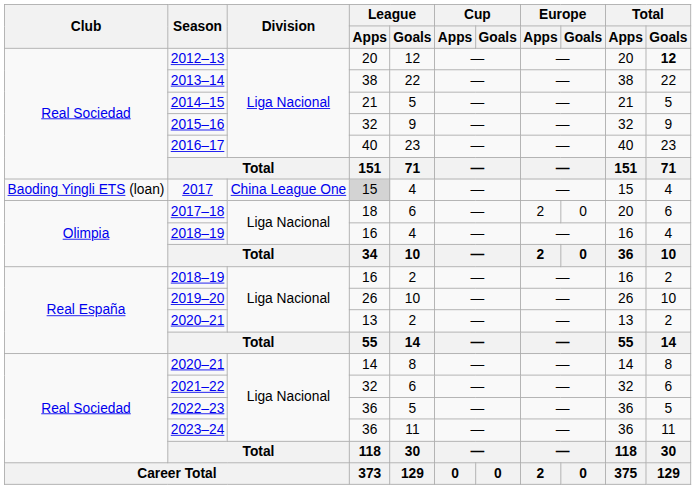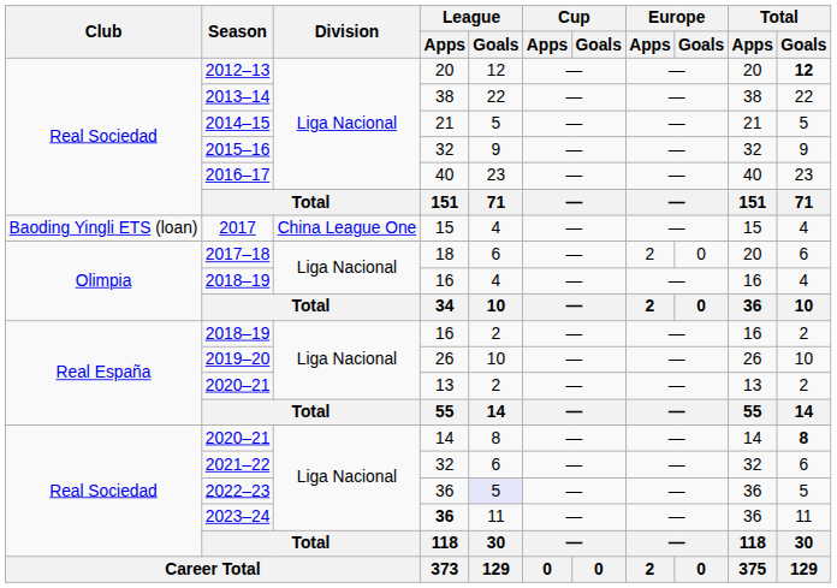 <table class="wikitable" style="text-align: center;">
 <tr>
 <th rowspan="2">Club</th>
 <th rowspan="2">Season</th>
 <th rowspan="2">Division</th>
 <th colspan="2">League</th>
 <th colspan="2">Cup</th>
 <th colspan="2">Europe</th>
 <th colspan="2">Total</th>
 </tr>
 <tr>
 <th>Apps</th>
 <th>Goals</th>
 <th>Apps</th>
 <th>Goals</th>
 <th>Apps</th>
 <th>Goals</th>
 <th>Apps</th>
 <th>Goals</th>
 </tr>
 <tr>
 <td rowspan="6"><a href='#'>Real Sociedad</a></td>
 <td><a href='#'>2012–13</a></td>
 <td rowspan="5"><a href='#'>Liga Nacional</a></td>
 <td>20</td>
 <td>12</td>
 <td colspan="2">—</td>
 <td colspan="2">—</td>
 <td>20</td>
 <td><strong>12</strong></td>
 </tr>
 <tr>
 <td><a href='#'>2013–14</a></td>
 <td>38</td>
 <td>22</td>
 <td colspan="2">—</td>
 <td colspan="2">—</td>
 <td>38</td>
 <td>22</td>
 </tr>
 <tr>
 <td><a href='#'>2014–15</a></td>
 <td>21</td>
 <td>5</td>
 <td colspan="2">—</td>
 <td colspan="2">—</td>
 <td>21</td>
 <td>5</td>
 </tr>
 <tr>
 <td><a href='#'>2015–16</a></td>
 <td>32</td>
 <td>9</td>
 <td colspan="2">—</td>
 <td colspan="2">—</td>
 <td>32</td>
 <td>9</td>
 </tr>
 <tr>
 <td><a href='#'>2016–17</a></td>
 <td>40</td>
 <td>23</td>
 <td colspan="2">—</td>
 <td colspan="2">—</td>
 <td>40</td>
 <td>23</td>
 </tr>
 <tr>
 <th colspan="2">Total</th>
 <th>151</th>
 <th>71</th>
 <th colspan="2">—</th>
 <th colspan="2">—</th>
 <th>151</th>
 <th>71</th>
 </tr>
 <tr>
 <td><a href='#'>Baoding Yingli ETS</a> (loan)</td>
 <td><a href='#'>2017</a></td>
 <td><a href='#'>China League One</a></td>
-<td style="background: lightgrey;">15</td>
+<td>15</td>
 <td>4</td>
 <td colspan="2">—</td>
 <td colspan="2">—</td>
 <td>15</td>
 <td>4</td>
 </tr>
 <tr>
 <td rowspan="3"><a href='#'>Olimpia</a></td>
 <td><a href='#'>2017–18</a></td>
 <td rowspan="2">Liga Nacional</td>
 <td>18</td>
 <td>6</td>
 <td colspan="2">—</td>
 <td>2</td>
 <td>0</td>
 <td>20</td>
 <td>6</td>
 </tr>
 <tr>
 <td><a href='#'>2018–19</a></td>
 <td>16</td>
 <td>4</td>
 <td colspan="2">—</td>
 <td colspan="2">—</td>
 <td>16</td>
 <td>4</td>
 </tr>
 <tr>
 <th colspan="2">Total</th>
 <th>34</th>
 <th>10</th>
 <th colspan="2">—</th>
 <th>2</th>
 <th>0</th>
 <th>36</th>
 <th>10</th>
 </tr>
 <tr>
 <td rowspan="4"><a href='#'>Real España</a></td>
 <td><a href='#'>2018–19</a></td>
 <td rowspan="3">Liga Nacional</td>
 <td>16</td>
 <td>2</td>
 <td colspan="2">—</td>
 <td colspan="2">—</td>
 <td>16</td>
 <td>2</td>
 </tr>
 <tr>
 <td><a href='#'>2019–20</a></td>
 <td>26</td>
 <td>10</td>
 <td colspan="2">—</td>
 <td colspan="2">—</td>
 <td>26</td>
 <td>10</td>
 </tr>
 <tr>
 <td><a href='#'>2020–21</a></td>
 <td>13</td>
 <td>2</td>
 <td colspan="2">—</td>
 <td colspan="2">—</td>
 <td>13</td>
 <td>2</td>
 </tr>
 <tr>
 <th colspan="2">Total</th>
 <th>55</th>
 <th>14</th>
 <th colspan="2">—</th>
 <th colspan="2">—</th>
 <th>55</th>
 <th>14</th>
 </tr>
 <tr>
 <td rowspan="5"><a href='#'>Real Sociedad</a></td>
 <td><a href='#'>2020–21</a></td>
 <td rowspan="4">Liga Nacional</td>
 <td>14</td>
 <td>8</td>
 <td colspan="2">—</td>
 <td colspan="2">—</td>
 <td>14</td>
-<td>8</td>
+<td><strong>8</strong></td>
 </tr>
 <tr>
 <td><a href='#'>2021–22</a></td>
 <td>32</td>
 <td>6</td>
 <td colspan="2">—</td>
 <td colspan="2">—</td>
 <td>32</td>
 <td>6</td>
 </tr>
 <tr>
 <td><a href='#'>2022–23</a></td>
 <td>36</td>
-<td>5</td>
+<td style="background: lavender;">5</td>
 <td colspan="2">—</td>
 <td colspan="2">—</td>
 <td>36</td>
 <td>5</td>
 </tr>
 <tr>
 <td><a href='#'>2023–24</a></td>
-<td>36</td>
+<td><strong>36</strong></td>
 <td>11</td>
 <td colspan="2">—</td>
 <td colspan="2">—</td>
 <td>36</td>
 <td>11</td>
 </tr>
 <tr>
 <th colspan="2">Total</th>
 <th>118</th>
 <th>30</th>
 <th colspan="2">—</th>
 <th colspan="2">—</th>
 <th>118</th>
 <th>30</th>
 </tr>
 <tr>
 <th colspan="3">Career Total</th>
 <th>373</th>
 <th>129</th>
 <th>0</th>
 <th>0</th>
 <th>2</th>
 <th>0</th>
 <th>375</th>
 <th>129</th>
 </tr>
 </table>
